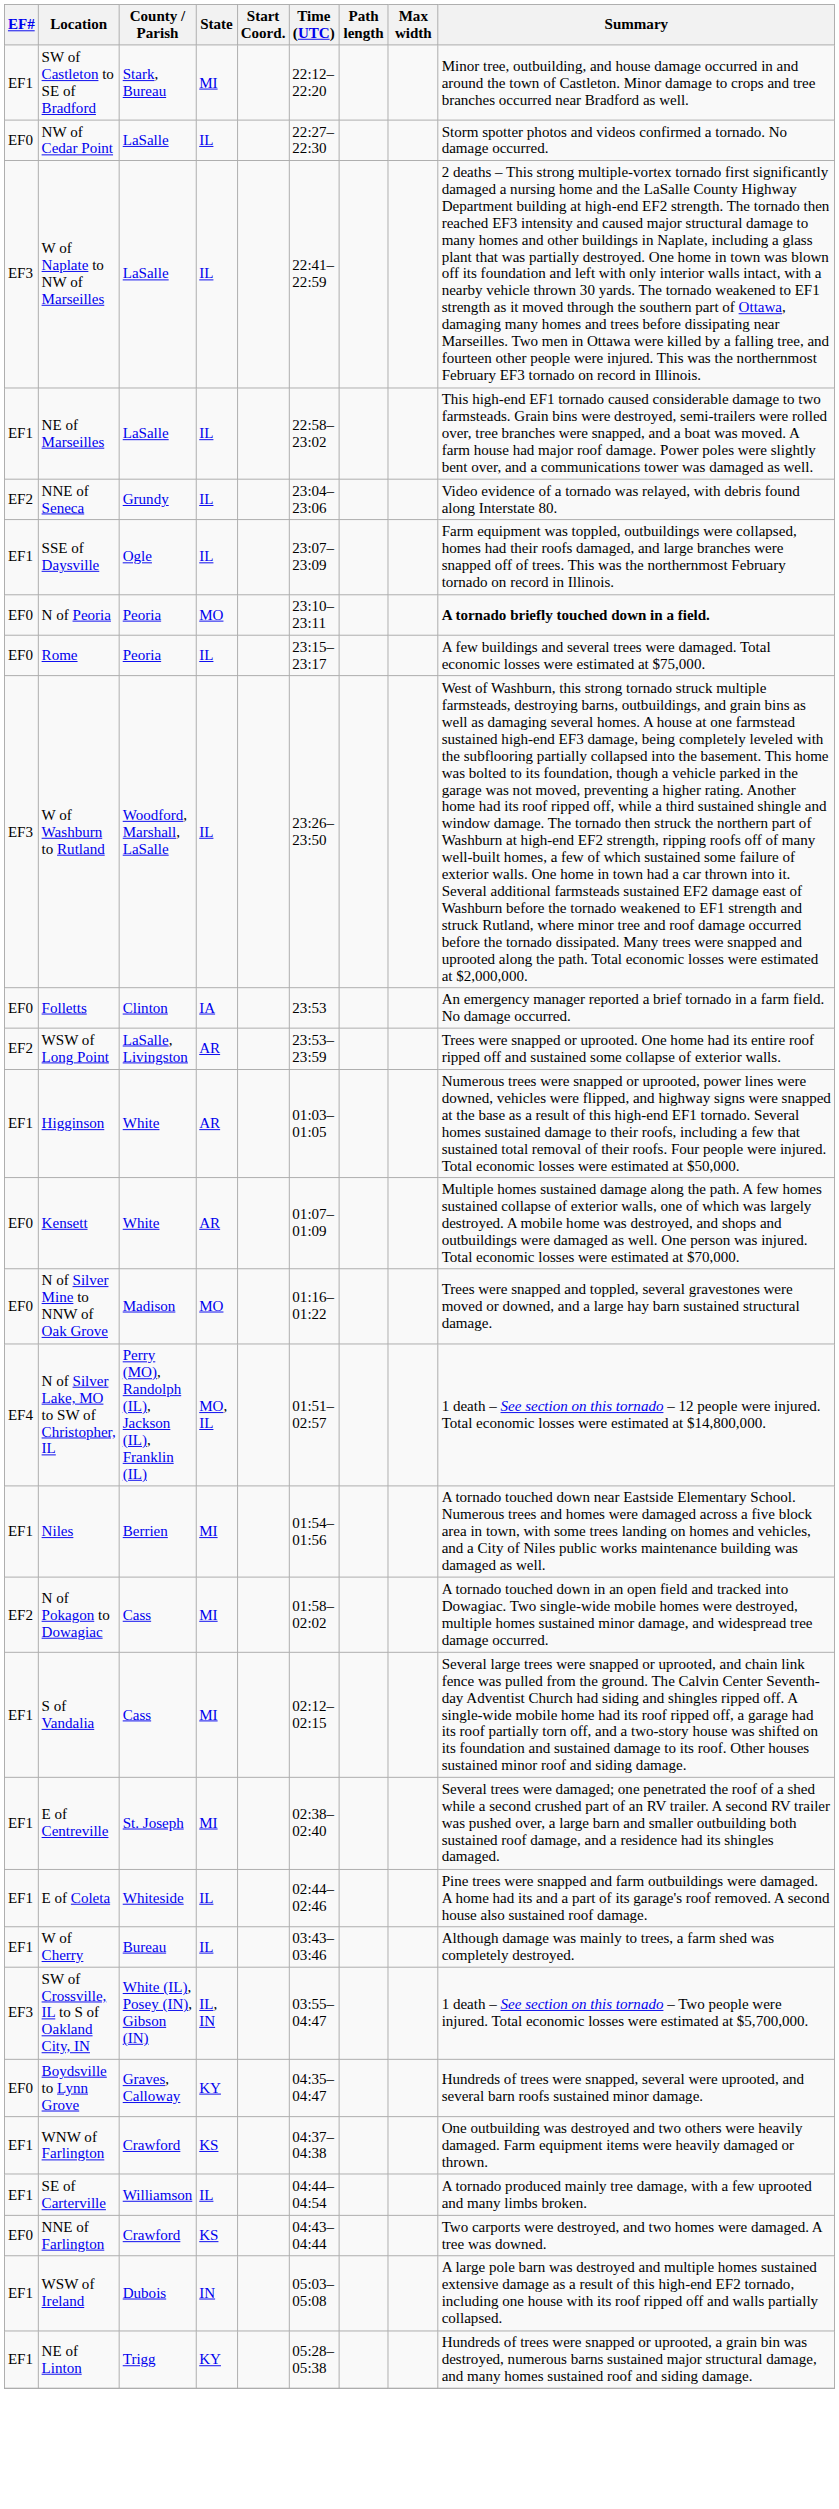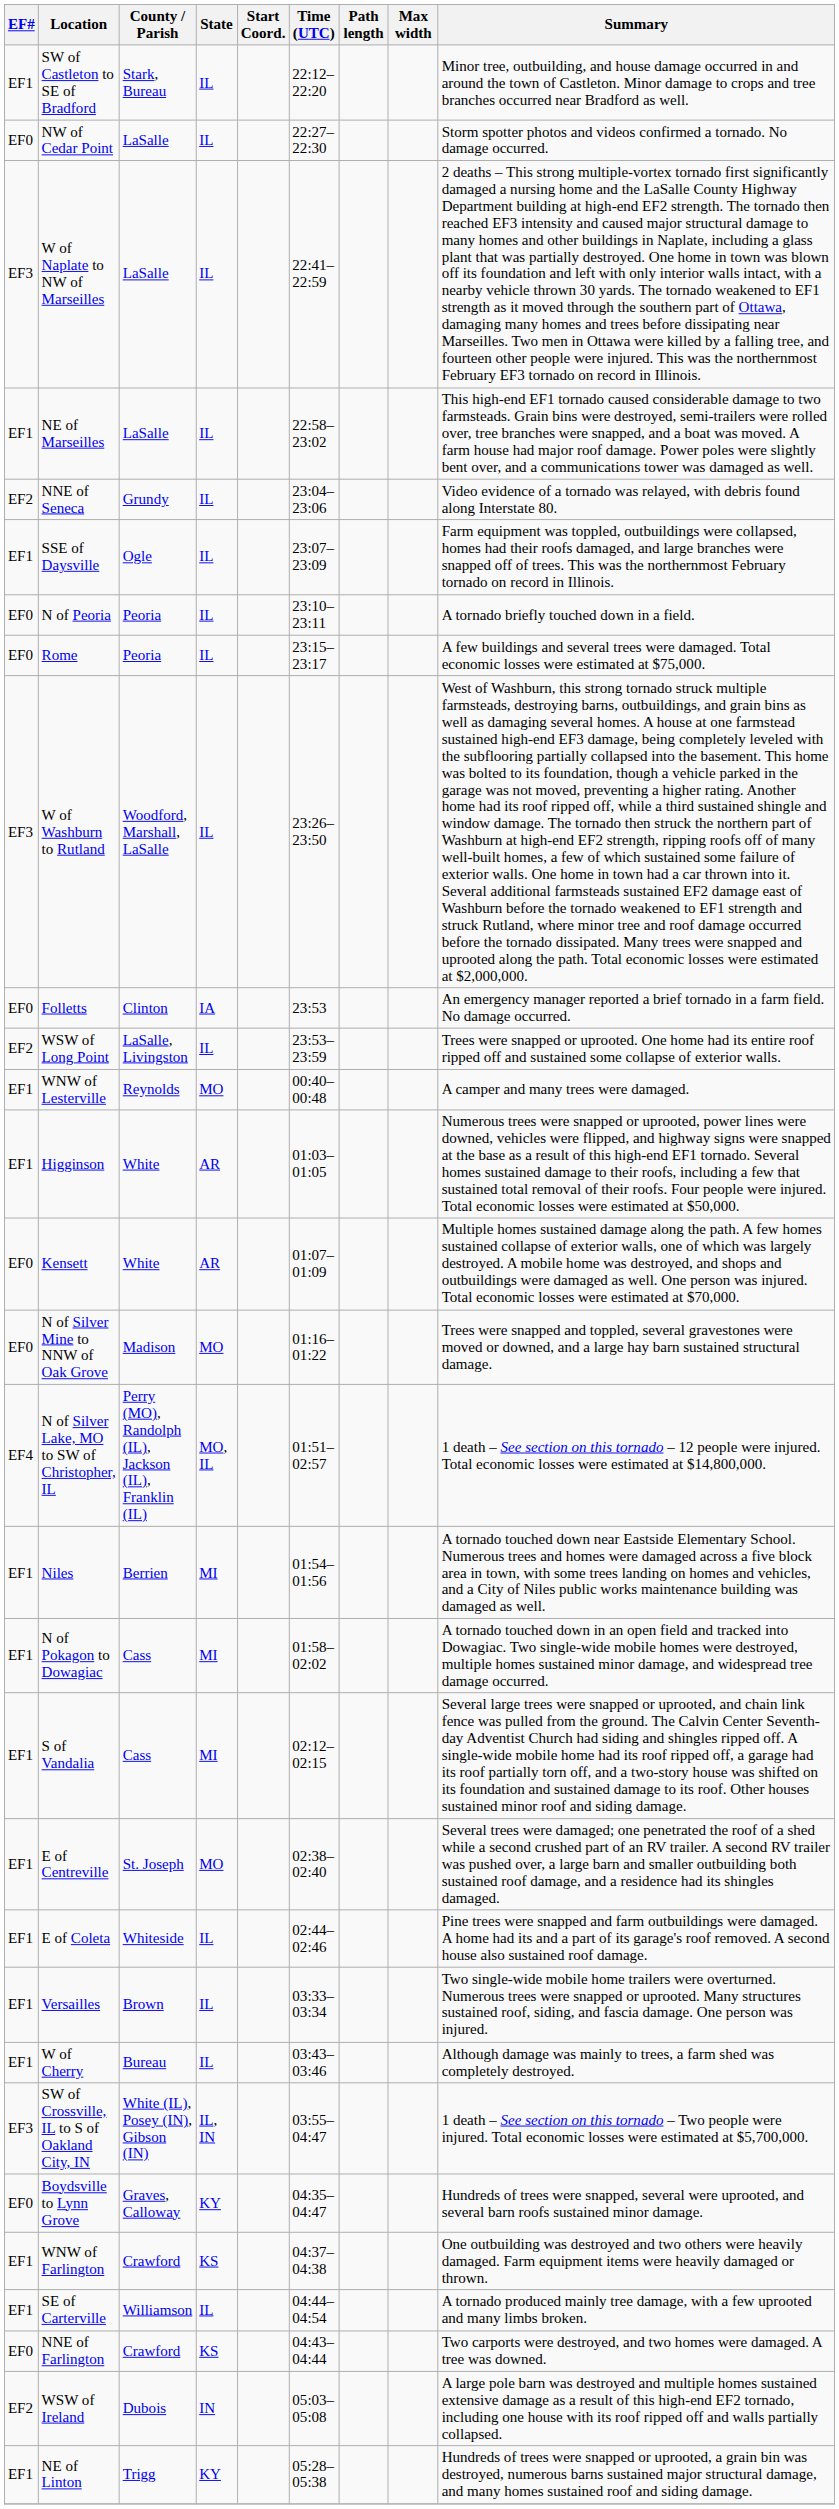 <table class="wikitable sortable" style="width:100%;">
 <tr>
 <th scope="col"  style="width:3%; text-align:center;"><a href='#'>EF#</a></th>
 <th scope="col"  style="width:7%; text-align:center;" class="unsortable">Location</th>
 <th scope="col"  style="width:6%; text-align:center;" class="unsortable">County / Parish</th>
 <th scope="col"  style="width:5%; text-align:center;">State</th>
 <th scope="col"  style="width:6%; text-align:center;">Start Coord.</th>
 <th scope="col"  style="width:6%; text-align:center;">Time (<a href='#'>UTC</a>)</th>
 <th scope="col"  style="width:6%; text-align:center;">Path length</th>
 <th scope="col"  style="width:6%; text-align:center;">Max width</th>
 <th scope="col" class="unsortable" style="width:48%; text-align:center;">Summary</th>
 </tr>
 <tr>
 <td>EF1</td>
 <td>SW of <a href='#'>Castleton</a> to SE of <a href='#'>Bradford</a></td>
 <td><a href='#'>Stark</a>, <a href='#'>Bureau</a></td>
-<td><a href='#'>MI</a></td>
+<td><a href='#'>IL</a></td>
 <td></td>
 <td>22:12–22:20</td>
 <td></td>
 <td></td>
 <td>Minor tree, outbuilding, and house damage occurred in and around the town of Castleton. Minor damage to crops and tree branches occurred near Bradford as well.</td>
 </tr>
 <tr>
 <td>EF0</td>
 <td>NW of <a href='#'>Cedar Point</a></td>
 <td><a href='#'>LaSalle</a></td>
 <td><a href='#'>IL</a></td>
 <td></td>
 <td>22:27–22:30</td>
 <td></td>
 <td></td>
 <td>Storm spotter photos and videos confirmed a tornado. No damage occurred.</td>
 </tr>
 <tr>
 <td>EF3</td>
 <td>W of <a href='#'>Naplate</a> to NW of <a href='#'>Marseilles</a></td>
 <td><a href='#'>LaSalle</a></td>
 <td><a href='#'>IL</a></td>
 <td></td>
 <td>22:41–22:59</td>
 <td></td>
 <td></td>
 <td>2 deaths – This strong multiple-vortex tornado first significantly damaged a nursing home and the LaSalle County Highway Department building at high-end EF2 strength. The tornado then reached EF3 intensity and caused major structural damage to many homes and other buildings in Naplate, including a glass plant that was partially destroyed. One home in town was blown off its foundation and left with only interior walls intact, with a nearby vehicle thrown 30 yards. The tornado weakened to EF1 strength as it moved through the southern part of <a href='#'>Ottawa</a>, damaging many homes and trees before dissipating near Marseilles. Two men in Ottawa were killed by a falling tree, and fourteen other people were injured. This was the northernmost February EF3 tornado on record in Illinois.</td>
 </tr>
 <tr>
 <td>EF1</td>
 <td>NE of <a href='#'>Marseilles</a></td>
 <td><a href='#'>LaSalle</a></td>
 <td><a href='#'>IL</a></td>
 <td></td>
 <td>22:58–23:02</td>
 <td></td>
 <td></td>
 <td>This high-end EF1 tornado caused considerable damage to two farmsteads. Grain bins were destroyed, semi-trailers were rolled over, tree branches were snapped, and a boat was moved. A farm house had major roof damage. Power poles were slightly bent over, and a communications tower was damaged as well.</td>
 </tr>
 <tr>
 <td>EF2</td>
 <td>NNE of <a href='#'>Seneca</a></td>
 <td><a href='#'>Grundy</a></td>
 <td><a href='#'>IL</a></td>
 <td></td>
 <td>23:04–23:06</td>
 <td></td>
 <td></td>
 <td>Video evidence of a tornado was relayed, with debris found along Interstate 80.</td>
 </tr>
 <tr>
 <td>EF1</td>
 <td>SSE of <a href='#'>Daysville</a></td>
 <td><a href='#'>Ogle</a></td>
 <td><a href='#'>IL</a></td>
 <td></td>
 <td>23:07–23:09</td>
 <td></td>
 <td></td>
 <td>Farm equipment was toppled, outbuildings were collapsed, homes had their roofs damaged, and large branches were snapped off of trees. This was the northernmost February tornado on record in Illinois.</td>
 </tr>
 <tr>
 <td>EF0</td>
 <td>N of <a href='#'>Peoria</a></td>
 <td><a href='#'>Peoria</a></td>
-<td><a href='#'>MO</a></td>
+<td><a href='#'>IL</a></td>
 <td></td>
 <td>23:10–23:11</td>
 <td></td>
 <td></td>
-<td><strong>A tornado briefly touched down in a field.</strong></td>
+<td>A tornado briefly touched down in a field.</td>
 </tr>
 <tr>
 <td>EF0</td>
 <td><a href='#'>Rome</a></td>
 <td><a href='#'>Peoria</a></td>
 <td><a href='#'>IL</a></td>
 <td></td>
 <td>23:15–23:17</td>
 <td></td>
 <td></td>
 <td>A few buildings and several trees were damaged. Total economic losses were estimated at $75,000.</td>
 </tr>
 <tr>
 <td>EF3</td>
 <td>W of <a href='#'>Washburn</a> to <a href='#'>Rutland</a></td>
 <td><a href='#'>Woodford</a>, <a href='#'>Marshall</a>, <a href='#'>LaSalle</a></td>
 <td><a href='#'>IL</a></td>
 <td></td>
 <td>23:26–23:50</td>
 <td></td>
 <td></td>
 <td>West of Washburn, this strong tornado struck multiple farmsteads, destroying barns, outbuildings, and grain bins as well as damaging several homes. A house at one farmstead sustained high-end EF3 damage, being completely leveled with the subflooring partially collapsed into the basement. This home was bolted to its foundation, though a vehicle parked in the garage was not moved, preventing a higher rating. Another home had its roof ripped off, while a third sustained shingle and window damage. The tornado then struck the northern part of Washburn at high-end EF2 strength, ripping roofs off of many well-built homes, a few of which sustained some failure of exterior walls. One home in town had a car thrown into it. Several additional farmsteads sustained EF2 damage east of Washburn before the tornado weakened to EF1 strength and struck Rutland, where minor tree and roof damage occurred before the tornado dissipated. Many trees were snapped and uprooted along the path. Total economic losses were estimated at $2,000,000.</td>
 </tr>
 <tr>
 <td>EF0</td>
 <td><a href='#'>Folletts</a></td>
 <td><a href='#'>Clinton</a></td>
 <td><a href='#'>IA</a></td>
 <td></td>
 <td>23:53</td>
 <td></td>
 <td></td>
 <td>An emergency manager reported a brief tornado in a farm field. No damage occurred.</td>
 </tr>
 <tr>
 <td>EF2</td>
 <td>WSW of <a href='#'>Long Point</a></td>
 <td><a href='#'>LaSalle</a>, <a href='#'>Livingston</a></td>
-<td><a href='#'>AR</a></td>
+<td><a href='#'>IL</a></td>
 <td></td>
 <td>23:53–23:59</td>
 <td></td>
 <td></td>
 <td>Trees were snapped or uprooted. One home had its entire roof ripped off and sustained some collapse of exterior walls.</td>
+</tr>
+<tr>
+<td>EF1</td>
+<td>WNW of <a href='#'>Lesterville</a></td>
+<td><a href='#'>Reynolds</a></td>
+<td><a href='#'>MO</a></td>
+<td></td>
+<td>00:40–00:48</td>
+<td></td>
+<td></td>
+<td>A camper and many trees were damaged.</td>
 </tr>
 <tr>
 <td>EF1</td>
 <td><a href='#'>Higginson</a></td>
 <td><a href='#'>White</a></td>
 <td><a href='#'>AR</a></td>
 <td></td>
 <td>01:03–01:05</td>
 <td></td>
 <td></td>
 <td>Numerous trees were snapped or uprooted, power lines were downed, vehicles were flipped, and highway signs were snapped at the base as a result of this high-end EF1 tornado. Several homes sustained damage to their roofs, including a few that sustained total removal of their roofs. Four people were injured. Total economic losses were estimated at $50,000.</td>
 </tr>
 <tr>
 <td>EF0</td>
 <td><a href='#'>Kensett</a></td>
 <td><a href='#'>White</a></td>
 <td><a href='#'>AR</a></td>
 <td></td>
 <td>01:07–01:09</td>
 <td></td>
 <td></td>
 <td>Multiple homes sustained damage along the path. A few homes sustained collapse of exterior walls, one of which was largely destroyed. A mobile home was destroyed, and shops and outbuildings were damaged as well. One person was injured. Total economic losses were estimated at $70,000.</td>
 </tr>
 <tr>
 <td>EF0</td>
 <td>N of <a href='#'>Silver Mine</a> to NNW of <a href='#'>Oak Grove</a></td>
 <td><a href='#'>Madison</a></td>
 <td><a href='#'>MO</a></td>
 <td></td>
 <td>01:16–01:22</td>
 <td></td>
 <td></td>
 <td>Trees were snapped and toppled, several gravestones were moved or downed, and a large hay barn sustained structural damage.</td>
 </tr>
 <tr>
 <td>EF4</td>
 <td>N of <a href='#'>Silver Lake, MO</a> to SW of <a href='#'>Christopher, IL</a></td>
 <td><a href='#'>Perry (MO)</a>, <a href='#'>Randolph (IL)</a>, <a href='#'>Jackson (IL)</a>, <a href='#'>Franklin (IL)</a></td>
 <td><a href='#'>MO</a>, <a href='#'>IL</a></td>
 <td></td>
 <td>01:51–02:57</td>
 <td></td>
 <td></td>
 <td>1 death – <em><a href='#'>See section on this tornado</a></em> – 12 people were injured. Total economic losses were estimated at $14,800,000.</td>
 </tr>
 <tr>
 <td>EF1</td>
 <td><a href='#'>Niles</a></td>
 <td><a href='#'>Berrien</a></td>
 <td><a href='#'>MI</a></td>
 <td></td>
 <td>01:54–01:56</td>
 <td></td>
 <td></td>
 <td>A tornado touched down near Eastside Elementary School. Numerous trees and homes were damaged across a five block area in town, with some trees landing on homes and vehicles, and a City of Niles public works maintenance building was damaged as well.</td>
 </tr>
 <tr>
-<td>EF2</td>
+<td>EF1</td>
 <td>N of <a href='#'>Pokagon</a> to <a href='#'>Dowagiac</a></td>
 <td><a href='#'>Cass</a></td>
 <td><a href='#'>MI</a></td>
 <td></td>
 <td>01:58–02:02</td>
 <td></td>
 <td></td>
 <td>A tornado touched down in an open field and tracked into Dowagiac. Two single-wide mobile homes were destroyed, multiple homes sustained minor damage, and widespread tree damage occurred.</td>
 </tr>
 <tr>
 <td>EF1</td>
 <td>S of <a href='#'>Vandalia</a></td>
 <td><a href='#'>Cass</a></td>
 <td><a href='#'>MI</a></td>
 <td></td>
 <td>02:12–02:15</td>
 <td></td>
 <td></td>
 <td>Several large trees were snapped or uprooted, and chain link fence was pulled from the ground. The Calvin Center Seventh-day Adventist Church had siding and shingles ripped off. A single-wide mobile home had its roof ripped off, a garage had its roof partially torn off, and a two-story house was shifted on its foundation and sustained damage to its roof. Other houses sustained minor roof and siding damage.</td>
 </tr>
 <tr>
 <td>EF1</td>
 <td>E of <a href='#'>Centreville</a></td>
 <td><a href='#'>St. Joseph</a></td>
-<td><a href='#'>MI</a></td>
+<td><a href='#'>MO</a></td>
 <td></td>
 <td>02:38–02:40</td>
 <td></td>
 <td></td>
 <td>Several trees were damaged; one penetrated the roof of a shed while a second crushed part of an RV trailer. A second RV trailer was pushed over, a large barn and smaller outbuilding both sustained roof damage, and a residence had its shingles damaged.</td>
 </tr>
 <tr>
 <td>EF1</td>
 <td>E of <a href='#'>Coleta</a></td>
 <td><a href='#'>Whiteside</a></td>
 <td><a href='#'>IL</a></td>
 <td></td>
 <td>02:44–02:46</td>
 <td></td>
 <td></td>
 <td>Pine trees were snapped and farm outbuildings were damaged. A home had its and a part of its garage's roof removed. A second house also sustained roof damage.</td>
+</tr>
+<tr>
+<td>EF1</td>
+<td><a href='#'>Versailles</a></td>
+<td><a href='#'>Brown</a></td>
+<td><a href='#'>IL</a></td>
+<td></td>
+<td>03:33–03:34</td>
+<td></td>
+<td></td>
+<td>Two single-wide mobile home trailers were overturned. Numerous trees were snapped or uprooted. Many structures sustained roof, siding, and fascia damage. One person was injured.</td>
 </tr>
 <tr>
 <td>EF1</td>
 <td>W of <a href='#'>Cherry</a></td>
 <td><a href='#'>Bureau</a></td>
 <td><a href='#'>IL</a></td>
 <td></td>
 <td>03:43–03:46</td>
 <td></td>
 <td></td>
 <td>Although damage was mainly to trees, a farm shed was completely destroyed.</td>
 </tr>
 <tr>
 <td>EF3</td>
 <td>SW of <a href='#'>Crossville, IL</a> to S of <a href='#'>Oakland City, IN</a></td>
 <td><a href='#'>White (IL)</a>, <a href='#'>Posey (IN)</a>, <a href='#'>Gibson (IN)</a></td>
 <td><a href='#'>IL</a>, <a href='#'>IN</a></td>
 <td></td>
 <td>03:55–04:47</td>
 <td></td>
 <td></td>
 <td>1 death – <em><a href='#'>See section on this tornado</a></em> – Two people were injured. Total economic losses were estimated at $5,700,000.</td>
 </tr>
 <tr>
 <td>EF0</td>
 <td><a href='#'>Boydsville</a> to <a href='#'>Lynn Grove</a></td>
 <td><a href='#'>Graves</a>, <a href='#'>Calloway</a></td>
 <td><a href='#'>KY</a></td>
 <td></td>
 <td>04:35–04:47</td>
 <td></td>
 <td></td>
 <td>Hundreds of trees were snapped, several were uprooted, and several barn roofs sustained minor damage.</td>
 </tr>
 <tr>
 <td>EF1</td>
 <td>WNW of <a href='#'>Farlington</a></td>
 <td><a href='#'>Crawford</a></td>
 <td><a href='#'>KS</a></td>
 <td></td>
 <td>04:37–04:38</td>
 <td></td>
 <td></td>
 <td>One outbuilding was destroyed and two others were heavily damaged. Farm equipment items were heavily damaged or thrown.</td>
 </tr>
 <tr>
 <td>EF1</td>
 <td>SE of <a href='#'>Carterville</a></td>
 <td><a href='#'>Williamson</a></td>
 <td><a href='#'>IL</a></td>
 <td></td>
 <td>04:44–04:54</td>
 <td></td>
 <td></td>
 <td>A tornado produced mainly tree damage, with a few uprooted and many limbs broken.</td>
 </tr>
 <tr>
 <td>EF0</td>
 <td>NNE of <a href='#'>Farlington</a></td>
 <td><a href='#'>Crawford</a></td>
 <td><a href='#'>KS</a></td>
 <td></td>
 <td>04:43–04:44</td>
 <td></td>
 <td></td>
 <td>Two carports were destroyed, and two homes were damaged. A tree was downed.</td>
 </tr>
 <tr>
-<td>EF1</td>
+<td>EF2</td>
 <td>WSW of <a href='#'>Ireland</a></td>
 <td><a href='#'>Dubois</a></td>
 <td><a href='#'>IN</a></td>
 <td></td>
 <td>05:03–05:08</td>
 <td></td>
 <td></td>
 <td>A large pole barn was destroyed and multiple homes sustained extensive damage as a result of this high-end EF2 tornado, including one house with its roof ripped off and walls partially collapsed.</td>
 </tr>
 <tr>
 <td>EF1</td>
 <td>NE of <a href='#'>Linton</a></td>
 <td><a href='#'>Trigg</a></td>
 <td><a href='#'>KY</a></td>
 <td></td>
 <td>05:28–05:38</td>
 <td></td>
 <td></td>
 <td>Hundreds of trees were snapped or uprooted, a grain bin was destroyed, numerous barns sustained major structural damage, and many homes sustained roof and siding damage.</td>
 </tr>
 <tr>
 </tr>
 </table>
